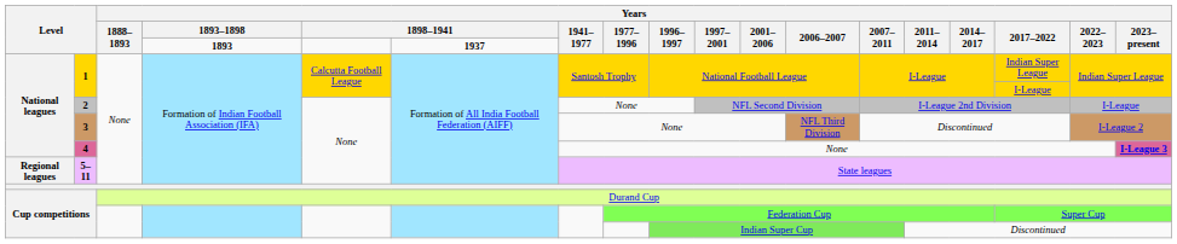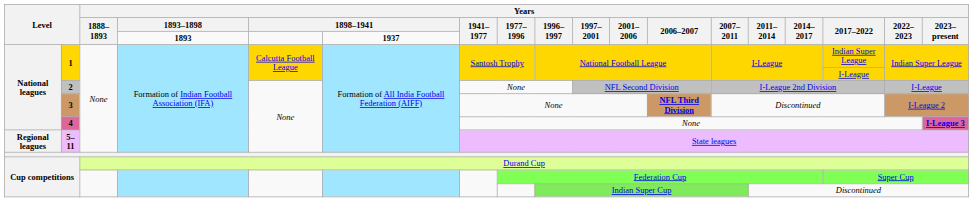 <table class="wikitable" style="text-align: center; font-size: 11px ;">
 <tr>
 <th colspan="2" rowspan="3">Level</th>
 <th colspan="16">Years</th>
 </tr>
 <tr>
 <th rowspan="2">1888–1893</th>
 <th>1893–1898</th>
 <th colspan="2">1898–1941</th>
 <th rowspan="2">1941–1977</th>
 <th rowspan="2">1977–1996</th>
 <th rowspan="2">1996–1997</th>
 <th rowspan="2">1997–2001</th>
 <th rowspan="2">2001–2006</th>
 <th rowspan="2">2006–2007</th>
 <th rowspan="2">2007–2011</th>
 <th rowspan="2">2011–2014</th>
 <th rowspan="2">2014–2017</th>
 <th rowspan="2">2017–2022</th>
 <th rowspan="2">2022–2023</th>
 <th rowspan="2">2023–present</th>
 </tr>
 <tr>
 <td><strong>1893</strong></td>
 <td></td>
 <td><strong>1937</strong></td>
 </tr>
 <tr>
 <th rowspan="5">National leagues</th>
 <td rowspan="2" bgcolor="gold"><strong>1</strong></td>
 <td rowspan="6"><em>None</em></td>
 <td rowspan="6" bgcolor="#A1E6FF">Formation of <a href='#'>Indian Football Association (IFA)</a></td>
 <td rowspan="2" bgcolor="gold"><a href='#'>Calcutta Football League</a></td>
 <td rowspan="6" bgcolor="#A1E6FF">Formation of <a href='#'>All India Football Federation (AIFF)</a></td>
 <td colspan="2" rowspan="2" bgcolor="gold"><a href='#'>Santosh Trophy</a></td>
 <td colspan="4" rowspan="2" bgcolor="gold"><a href='#'>National Football League</a></td>
 <td colspan="3" rowspan="2" bgcolor="gold"><a href='#'>I-League</a></td>
 <td bgcolor="gold"><a href='#'>Indian Super League</a></td>
 <td colspan="2" rowspan="2" bgcolor="gold"><a href='#'>Indian Super League</a></td>
 </tr>
 <tr>
 <td bgcolor="gold"><a href='#'>I-League</a></td>
 </tr>
 <tr>
 <td bgcolor="silver"><strong>2</strong></td>
 <td rowspan="4"><em>None</em></td>
 <td colspan="3"><em>None</em></td>
 <td colspan="3" bgcolor="silver"><a href='#'>NFL Second Division</a></td>
 <td colspan="4" bgcolor="silver"><a href='#'>I-League 2nd Division</a></td>
 <td colspan="2" bgcolor="silver"><a href='#'>I-League</a></td>
 </tr>
 <tr>
 <td bgcolor="#cc9966"><strong>3</strong></td>
 <td colspan="5"><em>None</em></td>
-<td bgcolor="#cc9966"><a href='#'>NFL Third Division</a></td>
+<td bgcolor="#cc9966"><strong><a href='#'>NFL Third Division</a></strong></td>
 <td colspan="4"><em>Discontinued</em></td>
 <td colspan="2" bgcolor="#cc9966"><a href='#'>I-League 2</a></td>
 </tr>
 <tr>
 <td bgcolor="#dd6699"><strong>4</strong></td>
 <td colspan="11"><em>None</em></td>
 <td bgcolor="#dd6699"><strong><a href='#'>I-League 3</a></strong></td>
 </tr>
 <tr>
 <th>Regional leagues</th>
 <td bgcolor="#EDBCFF"><strong>5–11</strong></td>
 <td colspan="12" bgcolor="#EDBCFF"><a href='#'>State leagues</a></td>
 </tr>
 <tr>
 <th colspan="18"></th>
 </tr>
 <tr>
 <th colspan="2" rowspan="3">Cup competitions</th>
 <td colspan="16" bgcolor="#DEFF97"><a href='#'>Durand Cup</a></td>
 </tr>
 <tr>
 <td rowspan="2"></td>
 <td rowspan="2" bgcolor="#A1E6FF"></td>
 <td rowspan="2"></td>
 <td rowspan="2" bgcolor="#A1E6FF"></td>
 <td rowspan="2"></td>
 <td colspan="8" bgcolor="#80FF54"><a href='#'>Federation Cup</a></td>
 <td colspan="3" bgcolor="#80FF54"><a href='#'>Super Cup</a></td>
 </tr>
 <tr>
 <td></td>
 <td colspan="5" bgcolor="#7FEA5A"><a href='#'>Indian Super Cup</a></td>
 <td colspan="5"><em>Discontinued</em></td>
 </tr>
 </table>
